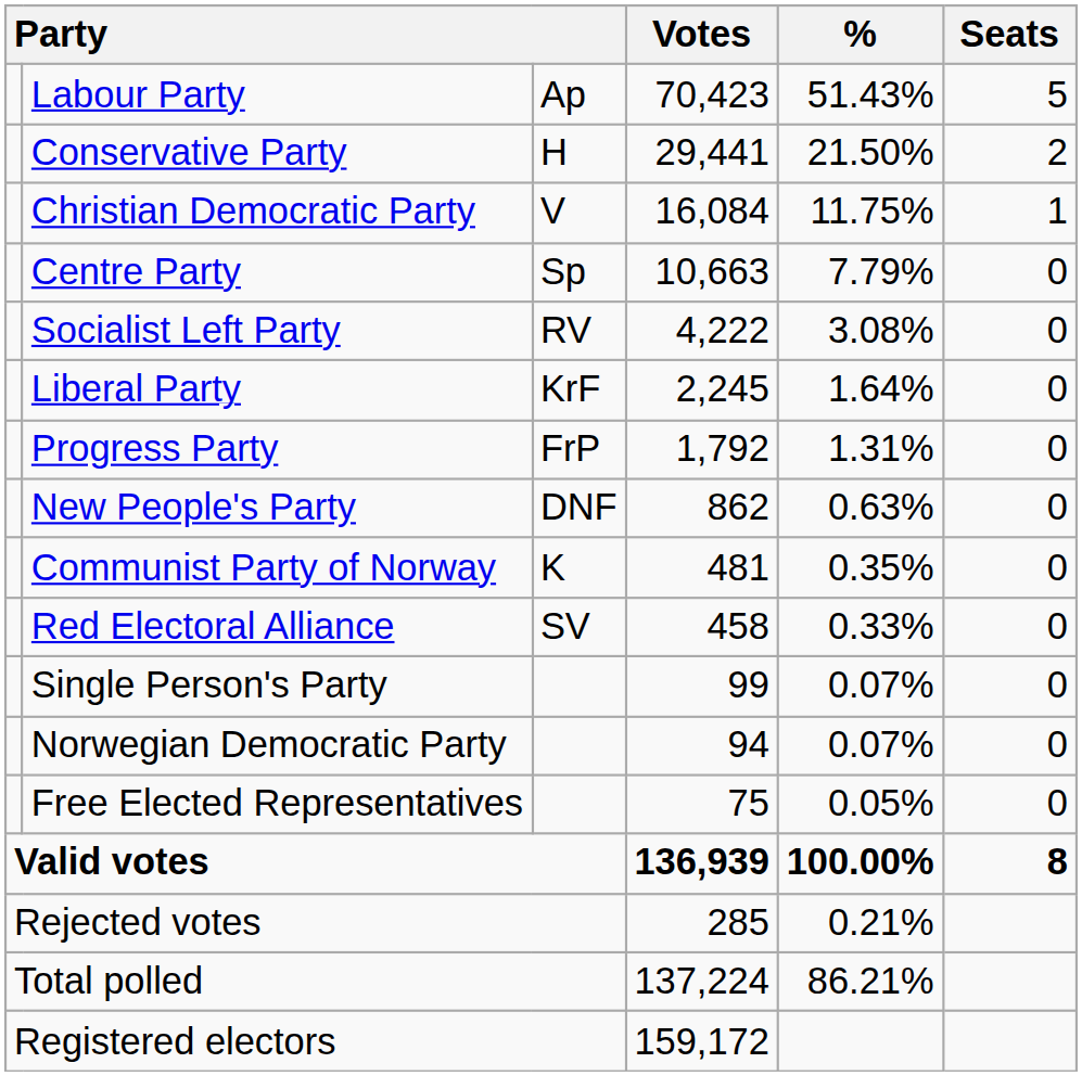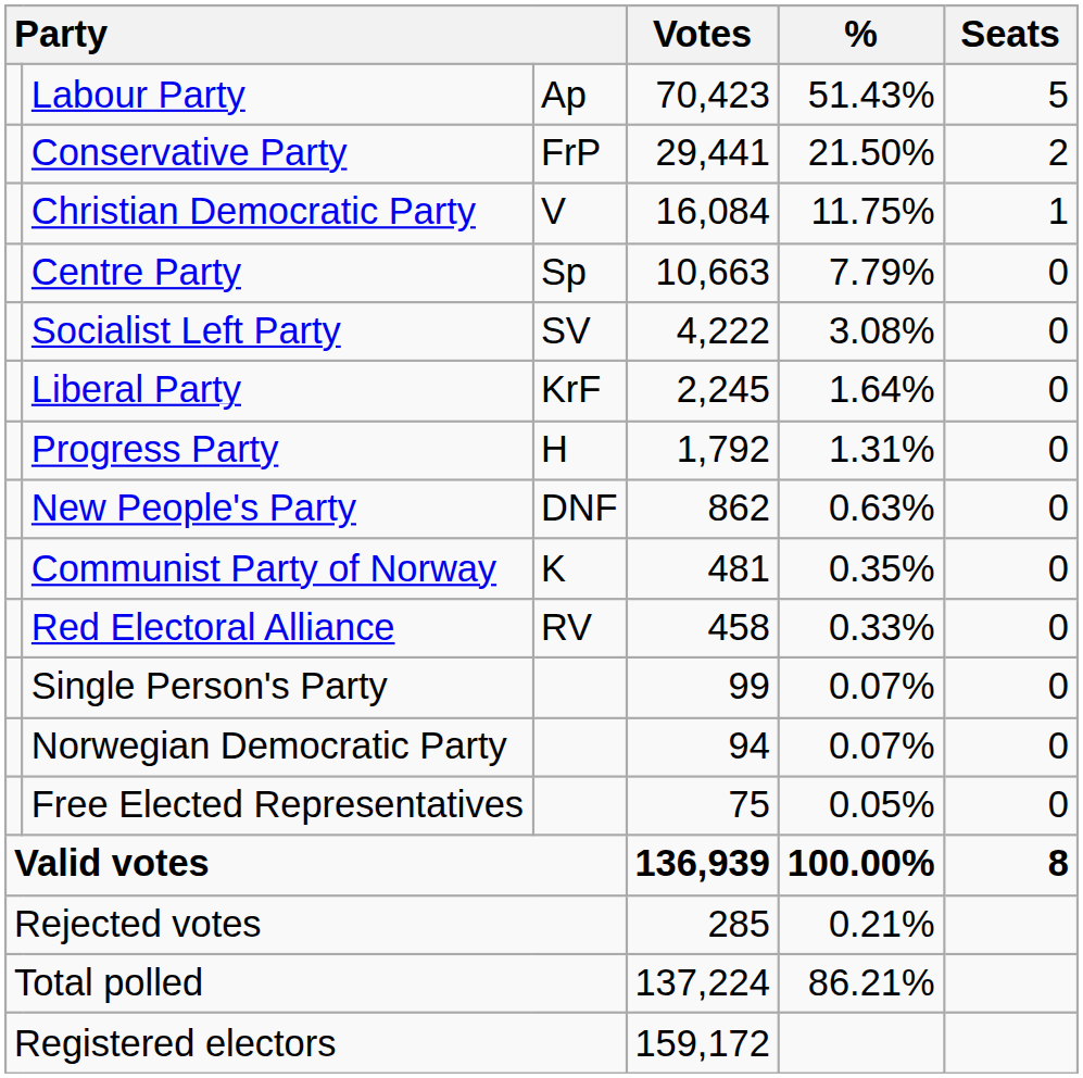 <table class="wikitable" border="1" style="text-align:right;">
 <tr>
 <th style="text-align:left;" colspan=3>Party</th>
 <th align=center width="50">Votes</th>
 <th align=center width="50">%</th>
 <th align=center width="50">Seats</th>
 </tr>
 <tr>
 <td style="color:inherit;background:"></td>
 <td align=left><a href='#'>Labour Party</a></td>
 <td align=left>Ap</td>
 <td>70,423</td>
 <td>51.43%</td>
 <td>5</td>
 </tr>
 <tr>
 <td style="color:inherit;background:"></td>
 <td align=left><a href='#'>Conservative Party</a></td>
-<td align=left>H</td>
+<td align=left>FrP</td>
 <td>29,441</td>
 <td>21.50%</td>
 <td>2</td>
 </tr>
 <tr>
 <td style="color:inherit;background:"></td>
 <td align=left><a href='#'>Christian Democratic Party</a></td>
 <td align=left>V</td>
 <td>16,084</td>
 <td>11.75%</td>
 <td>1</td>
 </tr>
 <tr>
 <td style="color:inherit;background:"></td>
 <td align=left><a href='#'>Centre Party</a></td>
 <td align=left>Sp</td>
 <td>10,663</td>
 <td>7.79%</td>
 <td>0</td>
 </tr>
 <tr>
 <td style="color:inherit;background:"></td>
 <td align=left><a href='#'>Socialist Left Party</a></td>
-<td align=left>RV</td>
+<td align=left>SV</td>
 <td>4,222</td>
 <td>3.08%</td>
 <td>0</td>
 </tr>
 <tr>
 <td style="color:inherit;background:"></td>
 <td align=left><a href='#'>Liberal Party</a></td>
 <td align=left>KrF</td>
 <td>2,245</td>
 <td>1.64%</td>
 <td>0</td>
 </tr>
 <tr>
 <td style="color:inherit;background:"></td>
 <td align=left><a href='#'>Progress Party</a></td>
-<td align=left>FrP</td>
+<td align=left>H</td>
 <td>1,792</td>
 <td>1.31%</td>
 <td>0</td>
 </tr>
 <tr>
 <td style="color:inherit;background:"></td>
 <td align=left><a href='#'>New People's Party</a></td>
 <td align=left>DNF</td>
 <td>862</td>
 <td>0.63%</td>
 <td>0</td>
 </tr>
 <tr>
 <td style="color:inherit;background:"></td>
 <td align=left><a href='#'>Communist Party of Norway</a></td>
 <td align=left>K</td>
 <td>481</td>
 <td>0.35%</td>
 <td>0</td>
 </tr>
 <tr>
 <td style="color:inherit;background:"></td>
 <td align=left><a href='#'>Red Electoral Alliance</a></td>
-<td align=left>SV</td>
+<td align=left>RV</td>
 <td>458</td>
 <td>0.33%</td>
 <td>0</td>
 </tr>
 <tr>
 <td></td>
 <td align=left>Single Person's Party</td>
 <td align=left></td>
 <td>99</td>
 <td>0.07%</td>
 <td>0</td>
 </tr>
 <tr>
 <td></td>
 <td align=left>Norwegian Democratic Party</td>
 <td align=left></td>
 <td>94</td>
 <td>0.07%</td>
 <td>0</td>
 </tr>
 <tr>
 <td></td>
 <td align=left>Free Elected Representatives</td>
 <td align=left></td>
 <td>75</td>
 <td>0.05%</td>
 <td>0</td>
 </tr>
 <tr style="font-weight:bold">
 <td align=left colspan=3>Valid votes</td>
 <td>136,939</td>
 <td>100.00%</td>
 <td>8</td>
 </tr>
 <tr>
 <td align=left colspan=3>Rejected votes</td>
 <td>285</td>
 <td>0.21%</td>
 <td></td>
 </tr>
 <tr>
 <td align=left colspan=3>Total polled</td>
 <td>137,224</td>
 <td>86.21%</td>
 <td></td>
 </tr>
 <tr>
 <td align=left colspan=3>Registered electors</td>
 <td>159,172</td>
 <td></td>
 <td></td>
 </tr>
 </table>
